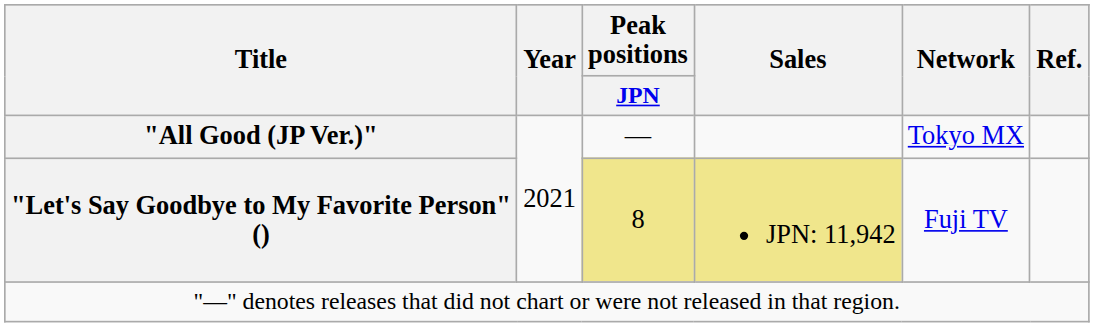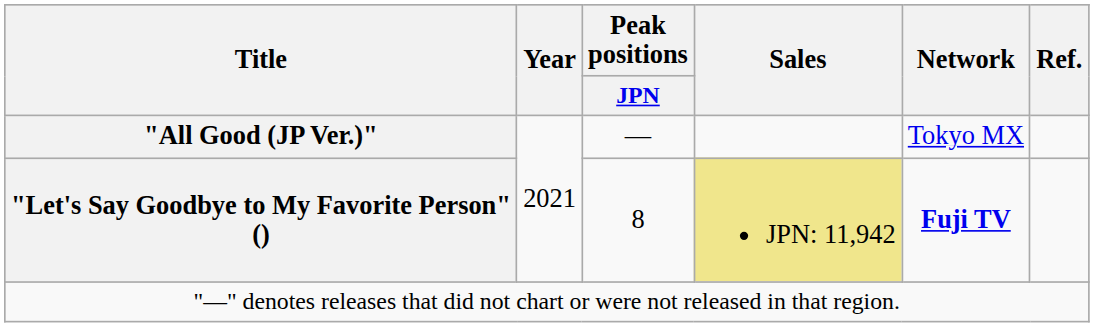 <table class="wikitable plainrowheaders" style="text-align:center;">
 <tr>
 <th rowspan="2">Title</th>
 <th rowspan="2">Year</th>
 <th scope="col" colspan="1">Peak positions</th>
 <th rowspan="2">Sales</th>
 <th rowspan="2">Network</th>
 <th rowspan="2">Ref.</th>
 </tr>
 <tr>
 <th scope="col" style="width:3em;font-size:90%;"><a href='#'>JPN</a><br></th>
 </tr>
 <tr>
 <th scope="row">"All Good (JP Ver.)"<br></th>
 <td rowspan="2">2021</td>
 <td>—</td>
 <td></td>
 <td><a href='#'>Tokyo MX</a></td>
 <td></td>
 </tr>
 <tr>
 <th scope="row">"Let's Say Goodbye to My Favorite Person"<br>()<br></th>
-<td style="background: khaki;">8</td>
+<td>8</td>
 <td style="background: khaki;"><br><ul><li>JPN: 11,942</li></ul></td>
-<td><a href='#'>Fuji TV</a></td>
+<td><strong><a href='#'>Fuji TV</a></strong></td>
 <td></td>
 </tr>
 <tr>
 <td style="font-size:90%" colspan="7">"—" denotes releases that did not chart or were not released in that region.</td>
 </tr>
 </table>
